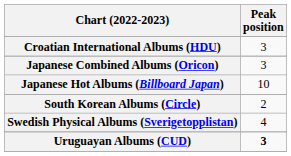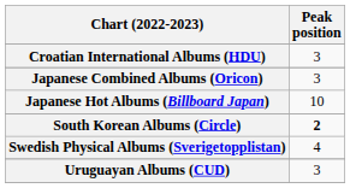 <table class="wikitable sortable plainrowheaders" style="text-align:center">
 <tr>
 <th scope="col">Chart (2022-2023)</th>
 <th scope="col">Peak<br>position</th>
 </tr>
 <tr>
 </tr>
 <tr>
 </tr>
 <tr>
 <th scope="row">Croatian International Albums (<a href='#'>HDU</a>)</th>
 <td>3</td>
 </tr>
 <tr>
 </tr>
 <tr>
 </tr>
 <tr>
 </tr>
 <tr>
 </tr>
 <tr>
 <th scope="row">Japanese Combined Albums (<a href='#'>Oricon</a>)</th>
 <td>3</td>
 </tr>
 <tr>
 <th scope="row">Japanese Hot Albums (<em><a href='#'>Billboard Japan</a></em>)</th>
 <td>10</td>
 </tr>
 <tr>
 </tr>
 <tr>
 <th scope="row">South Korean Albums (<a href='#'>Circle</a>)</th>
-<td>2</td>
+<td><strong>2</strong></td>
 </tr>
 <tr>
 <th scope="row">Swedish Physical Albums (<a href='#'>Sverigetopplistan</a>)</th>
 <td>4</td>
 </tr>
 <tr>
 </tr>
 <tr>
 </tr>
 <tr>
 <th scope="row">Uruguayan Albums (<a href='#'>CUD</a>)</th>
-<td><strong>3</strong></td>
+<td>3</td>
 </tr>
 <tr>
 </tr>
 <tr>
 </tr>
 </table>
